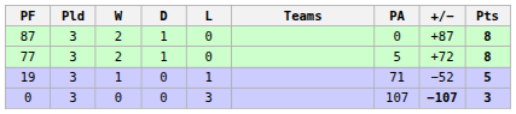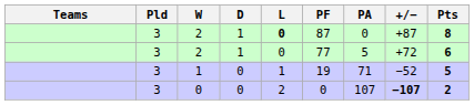 <table class="wikitable" style="text-align: center;">
 <tr>
-<th width="40">PF</th>
+<th width="140">Teams</th>
 <th width="40">Pld</th>
 <th width="40">W</th>
 <th width="40">D</th>
 <th width="40">L</th>
-<th width="140">Teams</th>
+<th width="40">PF</th>
 <th width="40">PA</th>
 <th width="40">+/−</th>
 <th width="40">Pts</th>
 </tr>
 <tr bgcolor=ccffcc>
-<td>87</td>
+<td align=left></td>
 <td>3</td>
 <td>2</td>
 <td>1</td>
-<td>0</td>
-<td align=left></td>
+<td><strong>0</strong></td>
+<td>87</td>
 <td>0</td>
 <td>+87</td>
 <td><strong>8</strong></td>
 </tr>
 <tr bgcolor=ccffcc>
-<td>77</td>
+<td align=left></td>
 <td>3</td>
 <td>2</td>
 <td>1</td>
 <td>0</td>
-<td align=left></td>
+<td>77</td>
 <td>5</td>
 <td>+72</td>
-<td><strong>8</strong></td>
+<td><strong>6</strong></td>
 </tr>
 <tr bgcolor=ccccff>
-<td>19</td>
+<td align=left></td>
 <td>3</td>
 <td>1</td>
 <td>0</td>
 <td>1</td>
-<td align=left></td>
+<td>19</td>
 <td>71</td>
 <td>−52</td>
 <td><strong>5</strong></td>
 </tr>
 <tr bgcolor=ccccff>
-<td>0</td>
+<td align=left></td>
 <td>3</td>
 <td>0</td>
 <td>0</td>
-<td>3</td>
-<td align=left></td>
+<td>2</td>
+<td>0</td>
 <td>107</td>
 <td><strong>−107</strong></td>
-<td><strong>3</strong></td>
+<td><strong>2</strong></td>
 </tr>
 </table>
